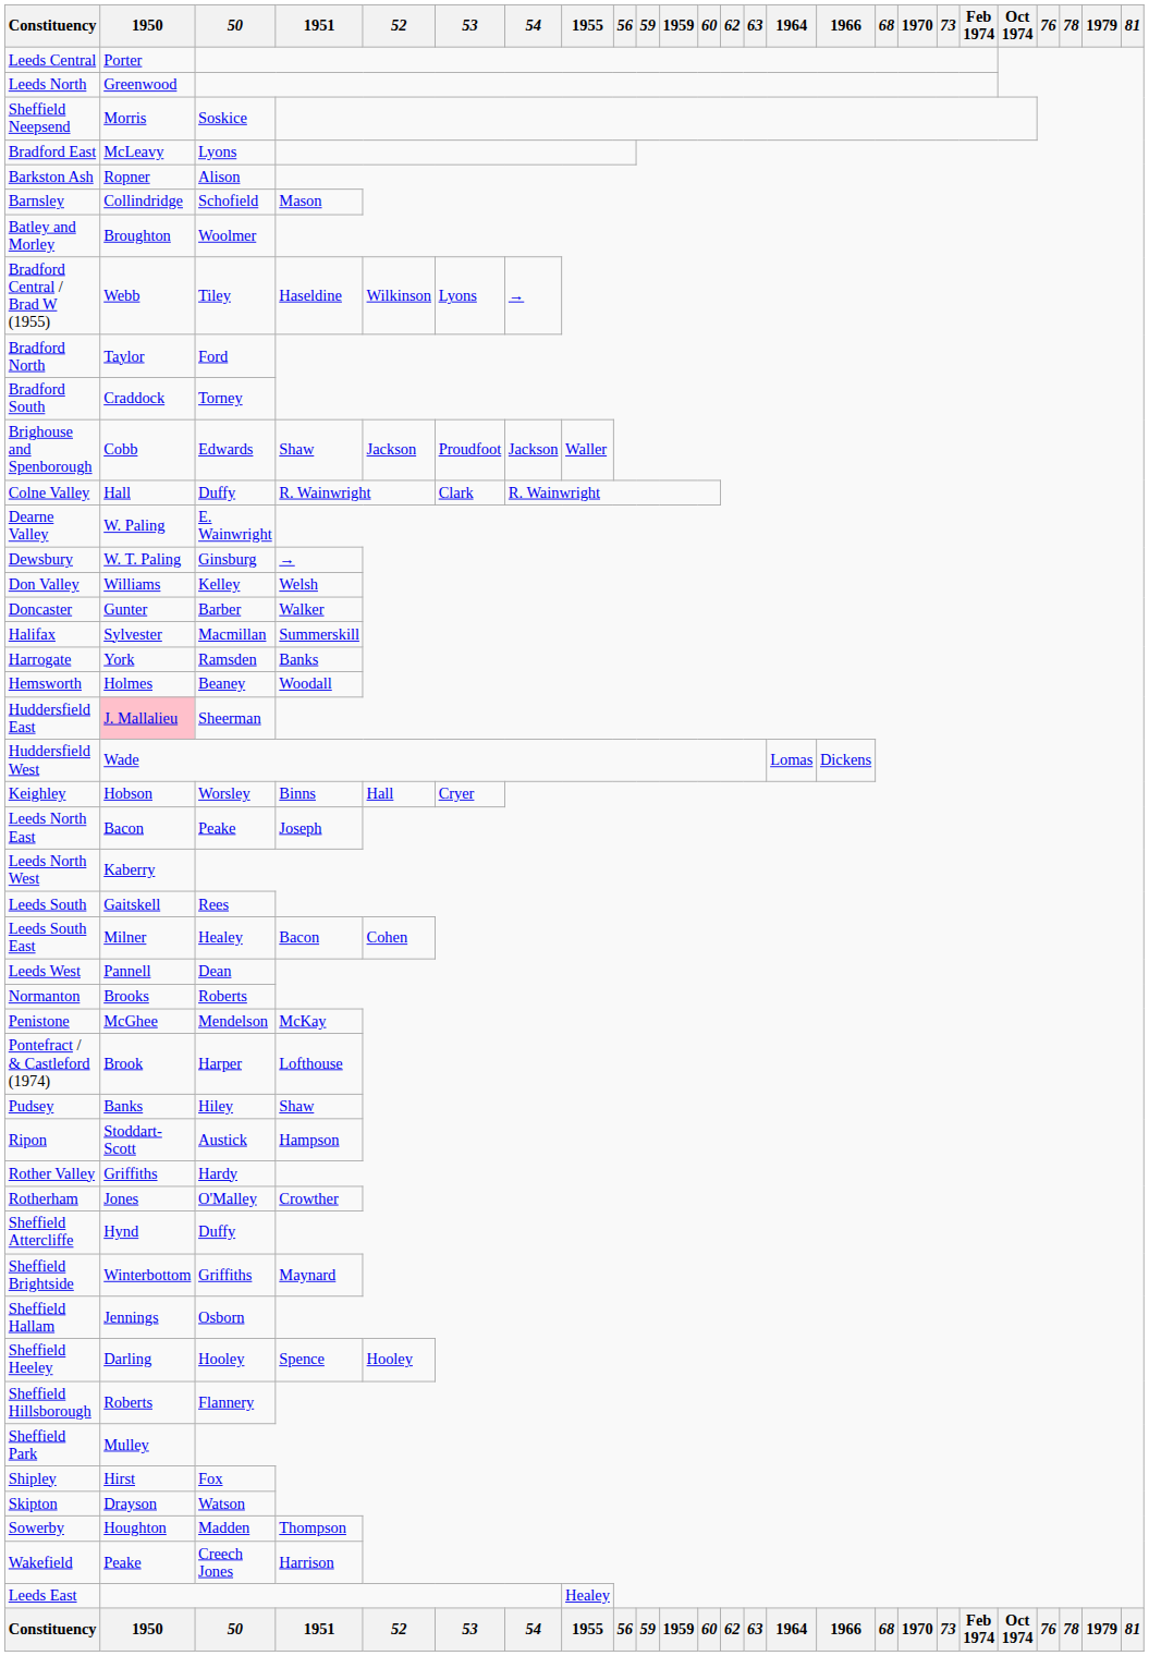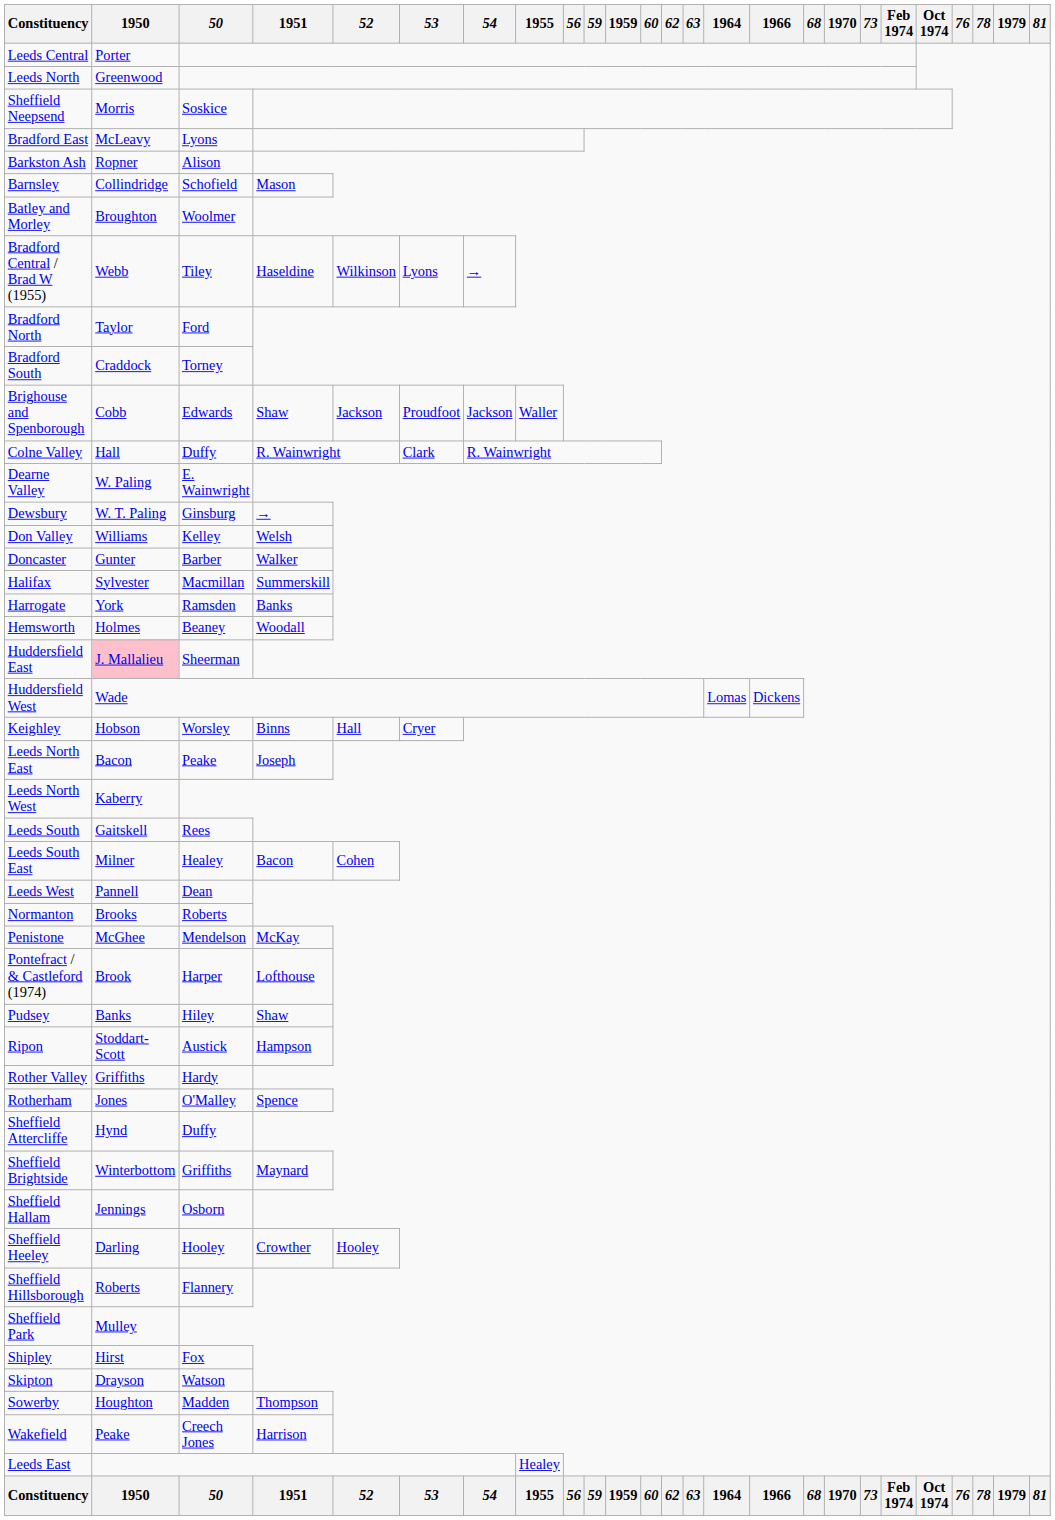 <table class="wikitable">
 <tr>
 <th>Constituency</th>
 <th>1950</th>
 <th><em>50</em></th>
 <th>1951</th>
 <th><em>52</em></th>
 <th><em>53</em></th>
 <th><em>54</em></th>
 <th>1955</th>
 <th><em>56</em></th>
 <th><em>59</em></th>
 <th>1959</th>
 <th><em>60</em></th>
 <th><em>62</em></th>
 <th><em>63</em></th>
 <th>1964</th>
 <th>1966</th>
 <th><em>68</em></th>
 <th>1970</th>
 <th><em>73</em></th>
 <th>Feb 1974</th>
 <th>Oct 1974</th>
 <th><em>76</em></th>
 <th><em>78</em></th>
 <th>1979</th>
 <th><em>81</em></th>
 </tr>
 <tr>
 <td><a href='#'>Leeds Central</a></td>
 <td><a href='#'>Porter</a></td>
 <td colspan="18"></td>
 </tr>
 <tr>
 <td><a href='#'>Leeds North</a></td>
 <td><a href='#'>Greenwood</a></td>
 <td colspan="18"></td>
 </tr>
 <tr>
 <td><a href='#'>Sheffield Neepsend</a></td>
 <td><a href='#'>Morris</a></td>
 <td><a href='#'>Soskice</a></td>
 <td colspan="18"></td>
 </tr>
 <tr>
 <td><a href='#'>Bradford East</a></td>
 <td><a href='#'>McLeavy</a></td>
 <td><a href='#'>Lyons</a></td>
 <td colspan="6"></td>
 </tr>
 <tr>
 <td><a href='#'>Barkston Ash</a></td>
 <td><a href='#'>Ropner</a></td>
 <td><a href='#'>Alison</a></td>
 </tr>
 <tr>
 <td><a href='#'>Barnsley</a></td>
 <td><a href='#'>Collindridge</a></td>
 <td><a href='#'>Schofield</a></td>
 <td><a href='#'>Mason</a></td>
 </tr>
 <tr>
 <td><a href='#'>Batley and Morley</a></td>
 <td><a href='#'>Broughton</a></td>
 <td><a href='#'>Woolmer</a></td>
 </tr>
 <tr>
 <td><a href='#'>Bradford Central</a> / <a href='#'>Brad W</a> (1955)</td>
 <td><a href='#'>Webb</a></td>
 <td><a href='#'>Tiley</a></td>
 <td><a href='#'>Haseldine</a></td>
 <td><a href='#'>Wilkinson</a></td>
 <td><a href='#'>Lyons</a></td>
 <td><a href='#'>→</a></td>
 </tr>
 <tr>
 <td><a href='#'>Bradford North</a></td>
 <td><a href='#'>Taylor</a></td>
 <td><a href='#'>Ford</a></td>
 </tr>
 <tr>
 <td><a href='#'>Bradford South</a></td>
 <td><a href='#'>Craddock</a></td>
 <td><a href='#'>Torney</a></td>
 </tr>
 <tr>
 <td><a href='#'>Brighouse and Spenborough</a></td>
 <td><a href='#'>Cobb</a></td>
 <td><a href='#'>Edwards</a></td>
 <td><a href='#'>Shaw</a></td>
 <td><a href='#'>Jackson</a></td>
 <td><a href='#'>Proudfoot</a></td>
 <td><a href='#'>Jackson</a></td>
 <td><a href='#'>Waller</a></td>
 </tr>
 <tr>
 <td><a href='#'>Colne Valley</a></td>
 <td><a href='#'>Hall</a></td>
 <td><a href='#'>Duffy</a></td>
 <td colspan="2"><a href='#'>R. Wainwright</a></td>
 <td><a href='#'>Clark</a></td>
 <td colspan="6"><a href='#'>R. Wainwright</a></td>
 </tr>
 <tr>
 <td><a href='#'>Dearne Valley</a></td>
 <td><a href='#'>W. Paling</a></td>
 <td><a href='#'>E. Wainwright</a></td>
 </tr>
 <tr>
 <td><a href='#'>Dewsbury</a></td>
 <td><a href='#'>W. T. Paling</a></td>
 <td><a href='#'>Ginsburg</a></td>
 <td><a href='#'>→</a></td>
 </tr>
 <tr>
 <td><a href='#'>Don Valley</a></td>
 <td><a href='#'>Williams</a></td>
 <td><a href='#'>Kelley</a></td>
 <td><a href='#'>Welsh</a></td>
 </tr>
 <tr>
 <td><a href='#'>Doncaster</a></td>
 <td><a href='#'>Gunter</a></td>
 <td><a href='#'>Barber</a></td>
 <td><a href='#'>Walker</a></td>
 </tr>
 <tr>
 <td><a href='#'>Halifax</a></td>
 <td><a href='#'>Sylvester</a></td>
 <td><a href='#'>Macmillan</a></td>
 <td><a href='#'>Summerskill</a></td>
 </tr>
 <tr>
 <td><a href='#'>Harrogate</a></td>
 <td><a href='#'>York</a></td>
 <td><a href='#'>Ramsden</a></td>
 <td><a href='#'>Banks</a></td>
 </tr>
 <tr>
 <td><a href='#'>Hemsworth</a></td>
 <td><a href='#'>Holmes</a></td>
 <td><a href='#'>Beaney</a></td>
 <td><a href='#'>Woodall</a></td>
 </tr>
 <tr>
 <td><a href='#'>Huddersfield East</a></td>
 <td style="background: pink;"><a href='#'>J. Mallalieu</a></td>
 <td><a href='#'>Sheerman</a></td>
 </tr>
 <tr>
 <td><a href='#'>Huddersfield West</a></td>
 <td colspan="13"><a href='#'>Wade</a></td>
 <td><a href='#'>Lomas</a></td>
 <td><a href='#'>Dickens</a></td>
 </tr>
 <tr>
 <td><a href='#'>Keighley</a></td>
 <td><a href='#'>Hobson</a></td>
 <td><a href='#'>Worsley</a></td>
 <td><a href='#'>Binns</a></td>
 <td><a href='#'>Hall</a></td>
 <td><a href='#'>Cryer</a></td>
 </tr>
 <tr>
 <td><a href='#'>Leeds North East</a></td>
 <td><a href='#'>Bacon</a></td>
 <td><a href='#'>Peake</a></td>
 <td><a href='#'>Joseph</a></td>
 </tr>
 <tr>
 <td><a href='#'>Leeds North West</a></td>
 <td><a href='#'>Kaberry</a></td>
 </tr>
 <tr>
 <td><a href='#'>Leeds South</a></td>
 <td><a href='#'>Gaitskell</a></td>
 <td><a href='#'>Rees</a></td>
 </tr>
 <tr>
 <td><a href='#'>Leeds South East</a></td>
 <td><a href='#'>Milner</a></td>
 <td><a href='#'>Healey</a></td>
 <td><a href='#'>Bacon</a></td>
 <td><a href='#'>Cohen</a></td>
 </tr>
 <tr>
 <td><a href='#'>Leeds West</a></td>
 <td><a href='#'>Pannell</a></td>
 <td><a href='#'>Dean</a></td>
 </tr>
 <tr>
 <td><a href='#'>Normanton</a></td>
 <td><a href='#'>Brooks</a></td>
 <td><a href='#'>Roberts</a></td>
 </tr>
 <tr>
 <td><a href='#'>Penistone</a></td>
 <td><a href='#'>McGhee</a></td>
 <td><a href='#'>Mendelson</a></td>
 <td><a href='#'>McKay</a></td>
 </tr>
 <tr>
 <td><a href='#'>Pontefract</a> / <a href='#'>& Castleford</a> (1974)</td>
 <td><a href='#'>Brook</a></td>
 <td><a href='#'>Harper</a></td>
 <td><a href='#'>Lofthouse</a></td>
 </tr>
 <tr>
 <td><a href='#'>Pudsey</a></td>
 <td><a href='#'>Banks</a></td>
 <td><a href='#'>Hiley</a></td>
 <td><a href='#'>Shaw</a></td>
 </tr>
 <tr>
 <td><a href='#'>Ripon</a></td>
 <td><a href='#'>Stoddart-Scott</a></td>
 <td><a href='#'>Austick</a></td>
 <td><a href='#'>Hampson</a></td>
 </tr>
 <tr>
 <td><a href='#'>Rother Valley</a></td>
 <td><a href='#'>Griffiths</a></td>
 <td><a href='#'>Hardy</a></td>
 </tr>
 <tr>
 <td><a href='#'>Rotherham</a></td>
 <td><a href='#'>Jones</a></td>
 <td><a href='#'>O'Malley</a></td>
-<td><a href='#'>Crowther</a></td>
+<td><a href='#'>Spence</a></td>
 </tr>
 <tr>
 <td><a href='#'>Sheffield Attercliffe</a></td>
 <td><a href='#'>Hynd</a></td>
 <td><a href='#'>Duffy</a></td>
 </tr>
 <tr>
 <td><a href='#'>Sheffield Brightside</a></td>
 <td><a href='#'>Winterbottom</a></td>
 <td><a href='#'>Griffiths</a></td>
 <td><a href='#'>Maynard</a></td>
 </tr>
 <tr>
 <td><a href='#'>Sheffield Hallam</a></td>
 <td><a href='#'>Jennings</a></td>
 <td><a href='#'>Osborn</a></td>
 </tr>
 <tr>
 <td><a href='#'>Sheffield Heeley</a></td>
 <td><a href='#'>Darling</a></td>
 <td><a href='#'>Hooley</a></td>
-<td><a href='#'>Spence</a></td>
+<td><a href='#'>Crowther</a></td>
 <td><a href='#'>Hooley</a></td>
 </tr>
 <tr>
 <td><a href='#'>Sheffield Hillsborough</a></td>
 <td><a href='#'>Roberts</a></td>
 <td><a href='#'>Flannery</a></td>
 </tr>
 <tr>
 <td><a href='#'>Sheffield Park</a></td>
 <td><a href='#'>Mulley</a></td>
 </tr>
 <tr>
 <td><a href='#'>Shipley</a></td>
 <td><a href='#'>Hirst</a></td>
 <td><a href='#'>Fox</a></td>
 </tr>
 <tr>
 <td><a href='#'>Skipton</a></td>
 <td><a href='#'>Drayson</a></td>
 <td><a href='#'>Watson</a></td>
 </tr>
 <tr>
 <td><a href='#'>Sowerby</a></td>
 <td><a href='#'>Houghton</a></td>
 <td><a href='#'>Madden</a></td>
 <td><a href='#'>Thompson</a></td>
 </tr>
 <tr>
 <td><a href='#'>Wakefield</a></td>
 <td><a href='#'>Peake</a></td>
 <td><a href='#'>Creech Jones</a></td>
 <td><a href='#'>Harrison</a></td>
 </tr>
 <tr>
 <td><a href='#'>Leeds East</a></td>
 <td colspan="6"></td>
 <td><a href='#'>Healey</a></td>
 </tr>
 <tr>
 <th>Constituency</th>
 <th>1950</th>
 <th><em>50</em></th>
 <th>1951</th>
 <th><em>52</em></th>
 <th><em>53</em></th>
 <th><em>54</em></th>
 <th>1955</th>
 <th><em>56</em></th>
 <th><em>59</em></th>
 <th>1959</th>
 <th><em>60</em></th>
 <th><em>62</em></th>
 <th><em>63</em></th>
 <th>1964</th>
 <th>1966</th>
 <th><em>68</em></th>
 <th>1970</th>
 <th><em>73</em></th>
 <th>Feb 1974</th>
 <th>Oct 1974</th>
 <th><em>76</em></th>
 <th><em>78</em></th>
 <th>1979</th>
 <th><em>81</em></th>
 </tr>
 </table>
